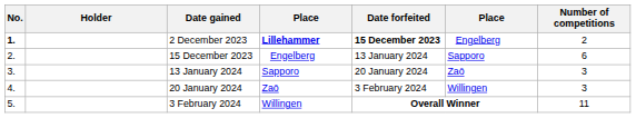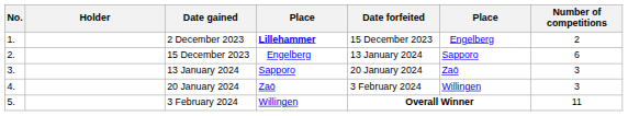 <table class="wikitable plainrowheaders" style="background:#fff; font-size:86%; line-height:16px; border:grey solid 1px; border-collapse:collapse;">
 <tr>
 <th style="width:1em;">No.</th>
 <th style="width:14em;">Holder</th>
 <th style="width:9em;">Date gained</th>
 <th style="width:9em;">Place</th>
 <th style="width:9em;">Date forfeited</th>
 <th style="width:9em;">Place</th>
 <th style="width:9em;">Number of competitions</th>
 </tr>
 <tr>
-<td><strong>1.</strong></td>
+<td>1.</td>
 <td></td>
 <td>2 December 2023</td>
 <td><strong> <a href='#'>Lillehammer</a></strong></td>
-<td><strong>15 December 2023</strong></td>
+<td>15 December 2023</td>
 <td>   <a href='#'>Engelberg</a></td>
 <td align=center>2</td>
 </tr>
 <tr>
 <td>2.</td>
 <td></td>
 <td>15 December 2023</td>
 <td>   <a href='#'>Engelberg</a></td>
 <td>13 January 2024</td>
 <td> <a href='#'>Sapporo</a></td>
 <td align=center>6</td>
 </tr>
 <tr>
 <td>3.</td>
 <td></td>
 <td>13 January 2024</td>
 <td> <a href='#'>Sapporo</a></td>
 <td>20 January 2024</td>
 <td> <a href='#'>Zaō</a></td>
 <td align=center>3</td>
 </tr>
 <tr>
 <td>4.</td>
 <td></td>
 <td>20 January 2024</td>
 <td> <a href='#'>Zaō</a></td>
 <td>3 February 2024</td>
 <td> <a href='#'>Willingen</a></td>
 <td align=center>3</td>
 </tr>
 <tr>
 <td>5.</td>
 <td><strong></strong></td>
 <td>3 February 2024</td>
 <td> <a href='#'>Willingen</a></td>
 <td align=center colspan=2><strong>Overall Winner</strong></td>
 <td align=center>11</td>
 </tr>
 </table>
